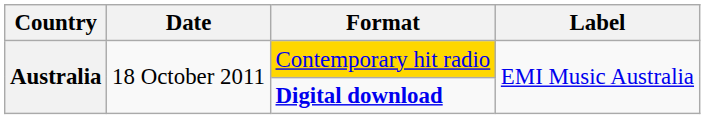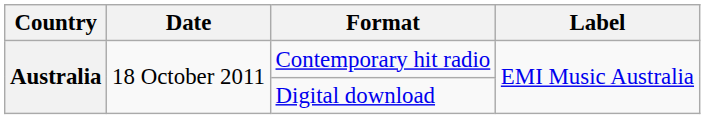 <table class="wikitable plainrowheaders">
 <tr>
 <th scope="col">Country</th>
 <th scope="col">Date</th>
 <th scope="col">Format</th>
 <th scope="col">Label</th>
 </tr>
 <tr>
 <th scope="row" rowspan="2">Australia</th>
 <td rowspan="2">18 October 2011</td>
-<td style="background: gold;"><a href='#'>Contemporary hit radio</a></td>
+<td><a href='#'>Contemporary hit radio</a></td>
 <td rowspan="2"><a href='#'>EMI Music Australia</a></td>
 </tr>
 <tr>
-<td><strong><a href='#'>Digital download</a></strong></td>
+<td><a href='#'>Digital download</a></td>
 </tr>
 </table>
